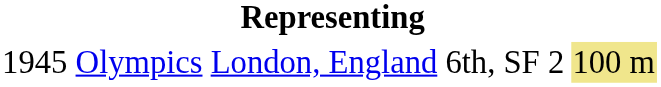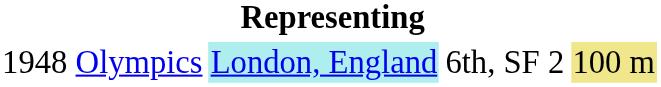 <table>
 <tr>
 <th colspan="6">Representing </th>
 </tr>
 <tr>
-<td>1945</td>
+<td>1948</td>
 <td><a href='#'>Olympics</a></td>
-<td><a href='#'>London, England</a></td>
+<td style="background: paleturquoise;"><a href='#'>London, England</a></td>
 <td>6th, SF 2</td>
 <td style="background: khaki;">100 m</td>
 <td><a href='#'></a></td>
 </tr>
 </table>
